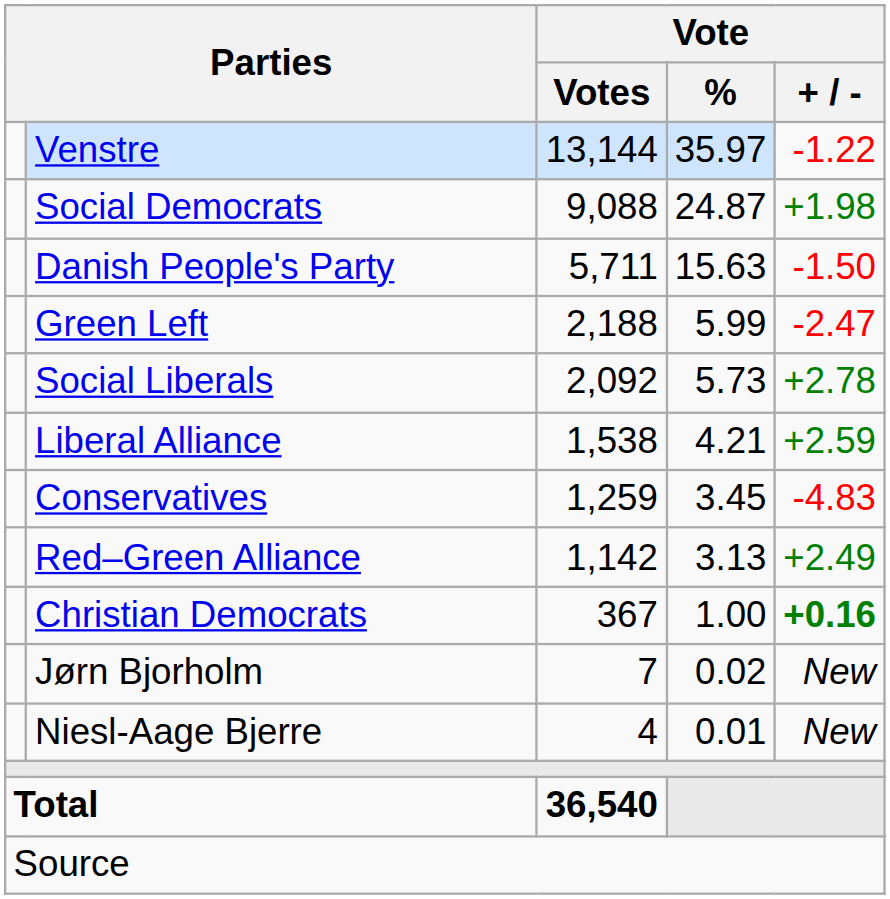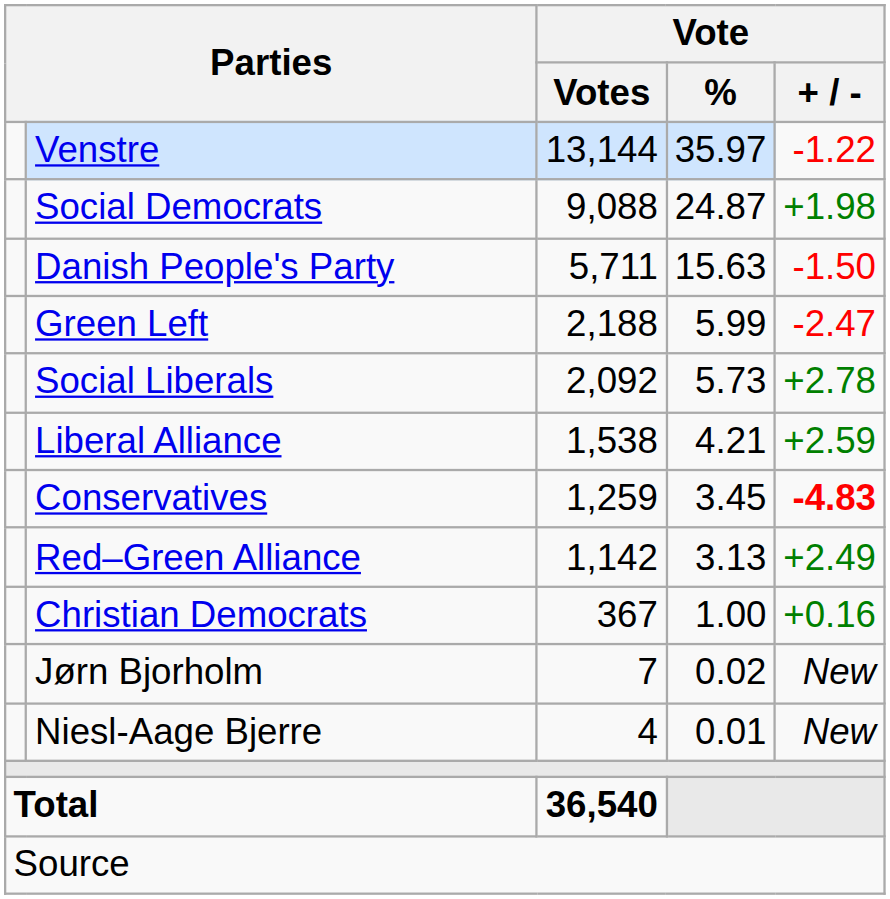 <table class="wikitable" style="text-align:right;">
 <tr>
 <th style="text-align:centre;" rowspan="2" colspan="2" width="225">Parties</th>
 <th colspan="3">Vote</th>
 </tr>
 <tr>
 <th width="15">Votes</th>
 <th width="15">%</th>
 <th width="15">+ / -</th>
 </tr>
 <tr>
 <td width="2" style="color:inherit;background:"></td>
 <td bgcolor=#cfe5fe  align="left"><a href='#'>Venstre</a></td>
 <td bgcolor=#cfe5fe>13,144</td>
 <td bgcolor=#cfe5fe>35.97</td>
 <td style=color:red;>-1.22</td>
 </tr>
 <tr>
 <td width="2" style="color:inherit;background:"></td>
 <td align="left"><a href='#'>Social Democrats</a></td>
 <td>9,088</td>
 <td>24.87</td>
 <td style=color:green;>+1.98</td>
 </tr>
 <tr>
 <td width="2" style="color:inherit;background:"></td>
 <td align="left"><a href='#'>Danish People's Party</a></td>
 <td>5,711</td>
 <td>15.63</td>
 <td style=color:red;>-1.50</td>
 </tr>
 <tr>
 <td width="2" style="color:inherit;background:"></td>
 <td align="left"><a href='#'>Green Left</a></td>
 <td>2,188</td>
 <td>5.99</td>
 <td style=color:red;>-2.47</td>
 </tr>
 <tr>
 <td width="2" style="color:inherit;background:"></td>
 <td align="left"><a href='#'>Social Liberals</a></td>
 <td>2,092</td>
 <td>5.73</td>
 <td style=color:green;>+2.78</td>
 </tr>
 <tr>
 <td width="2" style="color:inherit;background:"></td>
 <td align="left"><a href='#'>Liberal Alliance</a></td>
 <td>1,538</td>
 <td>4.21</td>
 <td style=color:green;>+2.59</td>
 </tr>
 <tr>
 <td width="2" style="color:inherit;background:"></td>
 <td align="left"><a href='#'>Conservatives</a></td>
 <td>1,259</td>
 <td>3.45</td>
-<td style=color:red;>-4.83</td>
+<td style=color:red;><strong>-4.83</strong></td>
 </tr>
 <tr>
 <td width="2" style="color:inherit;background:"></td>
 <td align="left"><a href='#'>Red–Green Alliance</a></td>
 <td>1,142</td>
 <td>3.13</td>
 <td style=color:green;>+2.49</td>
 </tr>
 <tr>
 <td width="2" style="color:inherit;background:"></td>
 <td align="left"><a href='#'>Christian Democrats</a></td>
 <td>367</td>
 <td>1.00</td>
-<td style=color:green;><strong>+0.16</strong></td>
+<td style=color:green;>+0.16</td>
 </tr>
 <tr>
 <td width="2" style="color:inherit;background:"></td>
 <td align="left">Jørn Bjorholm</td>
 <td>7</td>
 <td>0.02</td>
 <td><em>New</em></td>
 </tr>
 <tr>
 <td width="2" style="color:inherit;background:"></td>
 <td align="left">Niesl-Aage Bjerre</td>
 <td>4</td>
 <td>0.01</td>
 <td><em>New</em></td>
 </tr>
 <tr>
 <td colspan="7" bgcolor="#E9E9E9"></td>
 </tr>
 <tr>
 <td align="left" colspan="2"><strong>Total</strong></td>
 <td><strong>36,540</strong></td>
 <td bgcolor="#E9E9E9" colspan="2"></td>
 </tr>
 <tr>
 <td align="left" colspan="6">Source</td>
 </tr>
 </table>
